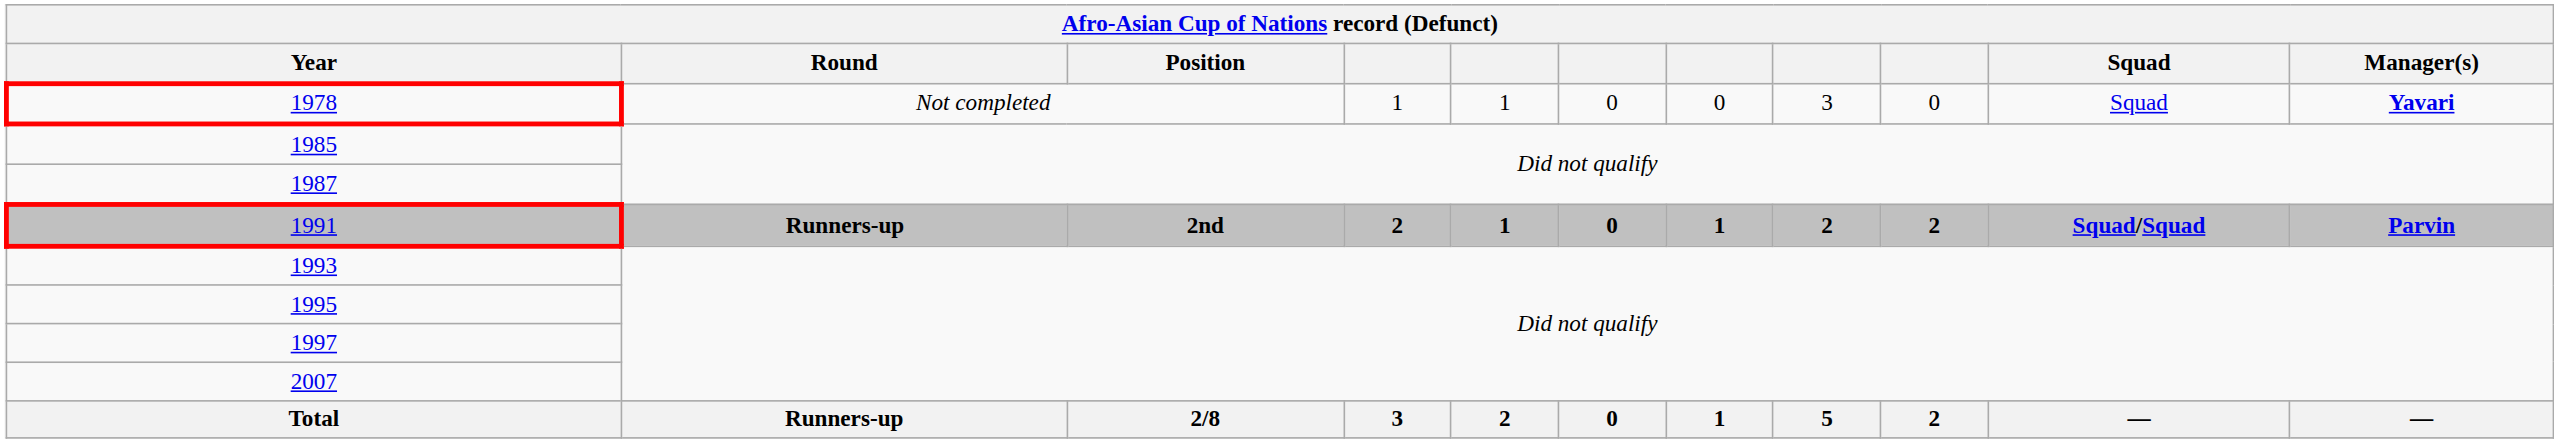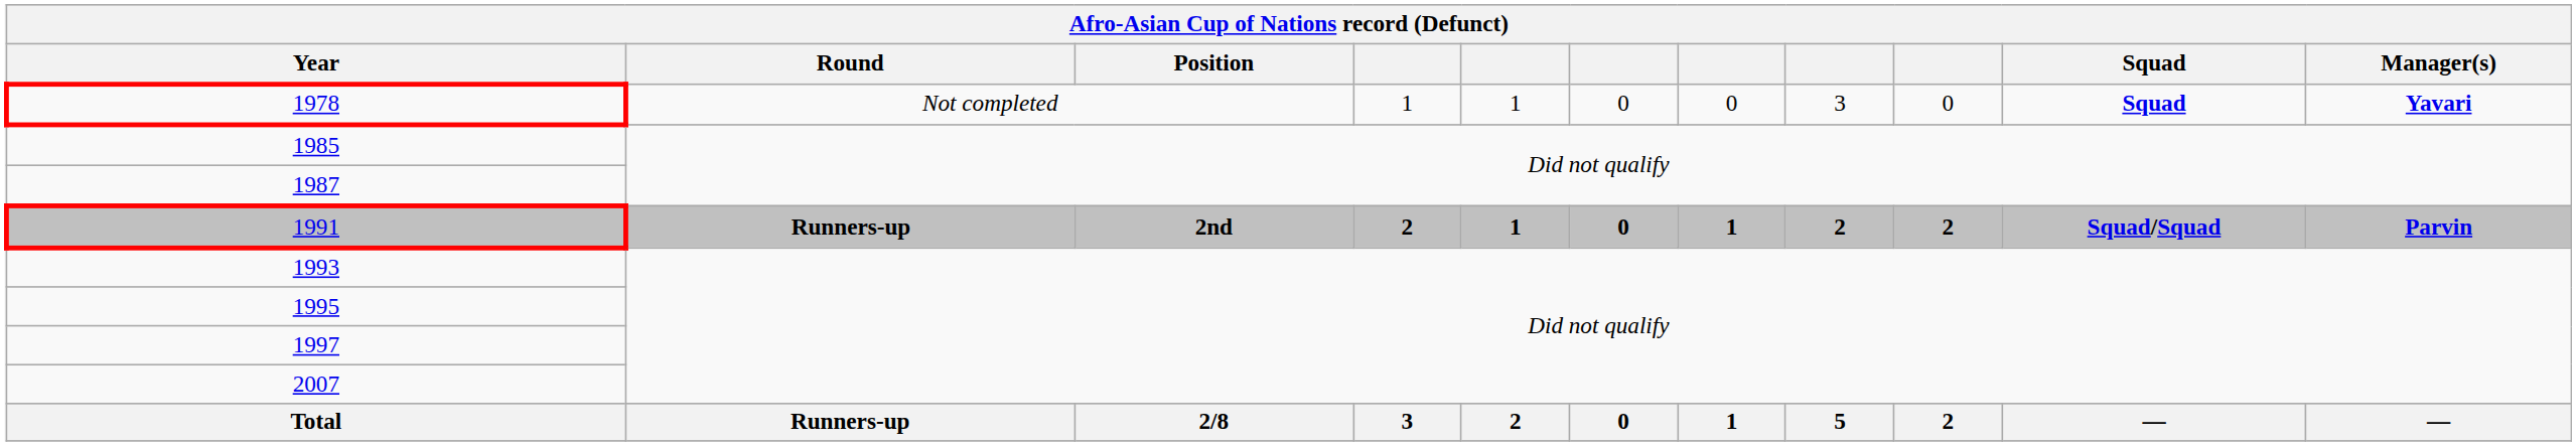 <table class="wikitable" class="wikitable" style="font-size:90%; text-align:center; width:100%">
 <tr>
 <th colspan=11><a href='#'>Afro-Asian Cup of Nations</a> record (Defunct)</th>
 </tr>
 <tr>
 <th width="175">Year</th>
 <th width="125">Round</th>
 <th width="75">Position</th>
 <th width="25"></th>
 <th width="25"></th>
 <th width="25"></th>
 <th width="25"></th>
 <th width="25"></th>
 <th width="25"></th>
 <th width="50">Squad</th>
 <th width="50">Manager(s)</th>
 </tr>
 <tr>
 <td style="border: 3px solid red">  <a href='#'>1978</a></td>
 <td colspan=2><em>Not completed</em></td>
 <td>1</td>
 <td>1</td>
 <td>0</td>
 <td>0</td>
 <td>3</td>
 <td>0</td>
-<td><a href='#'>Squad</a></td>
+<td><strong><a href='#'>Squad</a></strong></td>
 <td><strong><a href='#'>Yavari</a></strong></td>
 </tr>
 <tr>
 <td>  <a href='#'>1985</a></td>
 <td rowspan=2 colspan=10><em>Did not qualify</em></td>
 </tr>
 <tr>
 <td> <a href='#'>1987</a></td>
 </tr>
 <tr bgcolor=silver>
 <td style="border: 3px solid red">  <a href='#'>1991</a></td>
 <td><strong>Runners-up</strong></td>
 <td><strong>2nd</strong></td>
 <td><strong>2</strong></td>
 <td><strong>1</strong></td>
 <td><strong>0</strong></td>
 <td><strong>1</strong></td>
 <td><strong>2</strong></td>
 <td><strong>2</strong></td>
 <td><strong><a href='#'>Squad</a>/<a href='#'>Squad</a></strong></td>
 <td><strong><a href='#'>Parvin</a></strong></td>
 </tr>
 <tr>
 <td> <a href='#'>1993</a></td>
 <td rowspan=4 colspan=10><em>Did not qualify</em></td>
 </tr>
 <tr>
 <td>  <a href='#'>1995</a></td>
 </tr>
 <tr>
 <td>  <a href='#'>1997</a></td>
 </tr>
 <tr>
 <td> <a href='#'>2007</a></td>
 </tr>
 <tr>
 <th>Total</th>
 <th>Runners-up</th>
 <th>2/8</th>
 <th>3</th>
 <th>2</th>
 <th>0</th>
 <th>1</th>
 <th>5</th>
 <th>2</th>
 <th>—</th>
 <th>—</th>
 </tr>
 </table>
